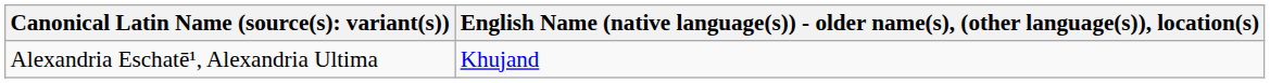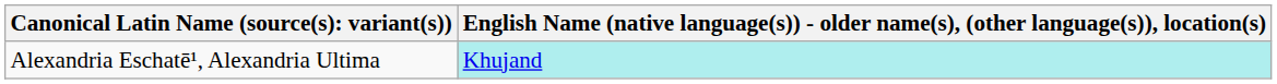 <table class="wikitable">
 <tr>
 <th>Canonical Latin Name (source(s): variant(s))</th>
 <th>English Name (native language(s)) - older name(s), (other language(s)), location(s)</th>
 </tr>
 <tr>
 <td>Alexandria Eschatē¹, Alexandria Ultima</td>
-<td><a href='#'>Khujand</a></td>
+<td style="background: paleturquoise;"><a href='#'>Khujand</a></td>
 </tr>
 </table>
